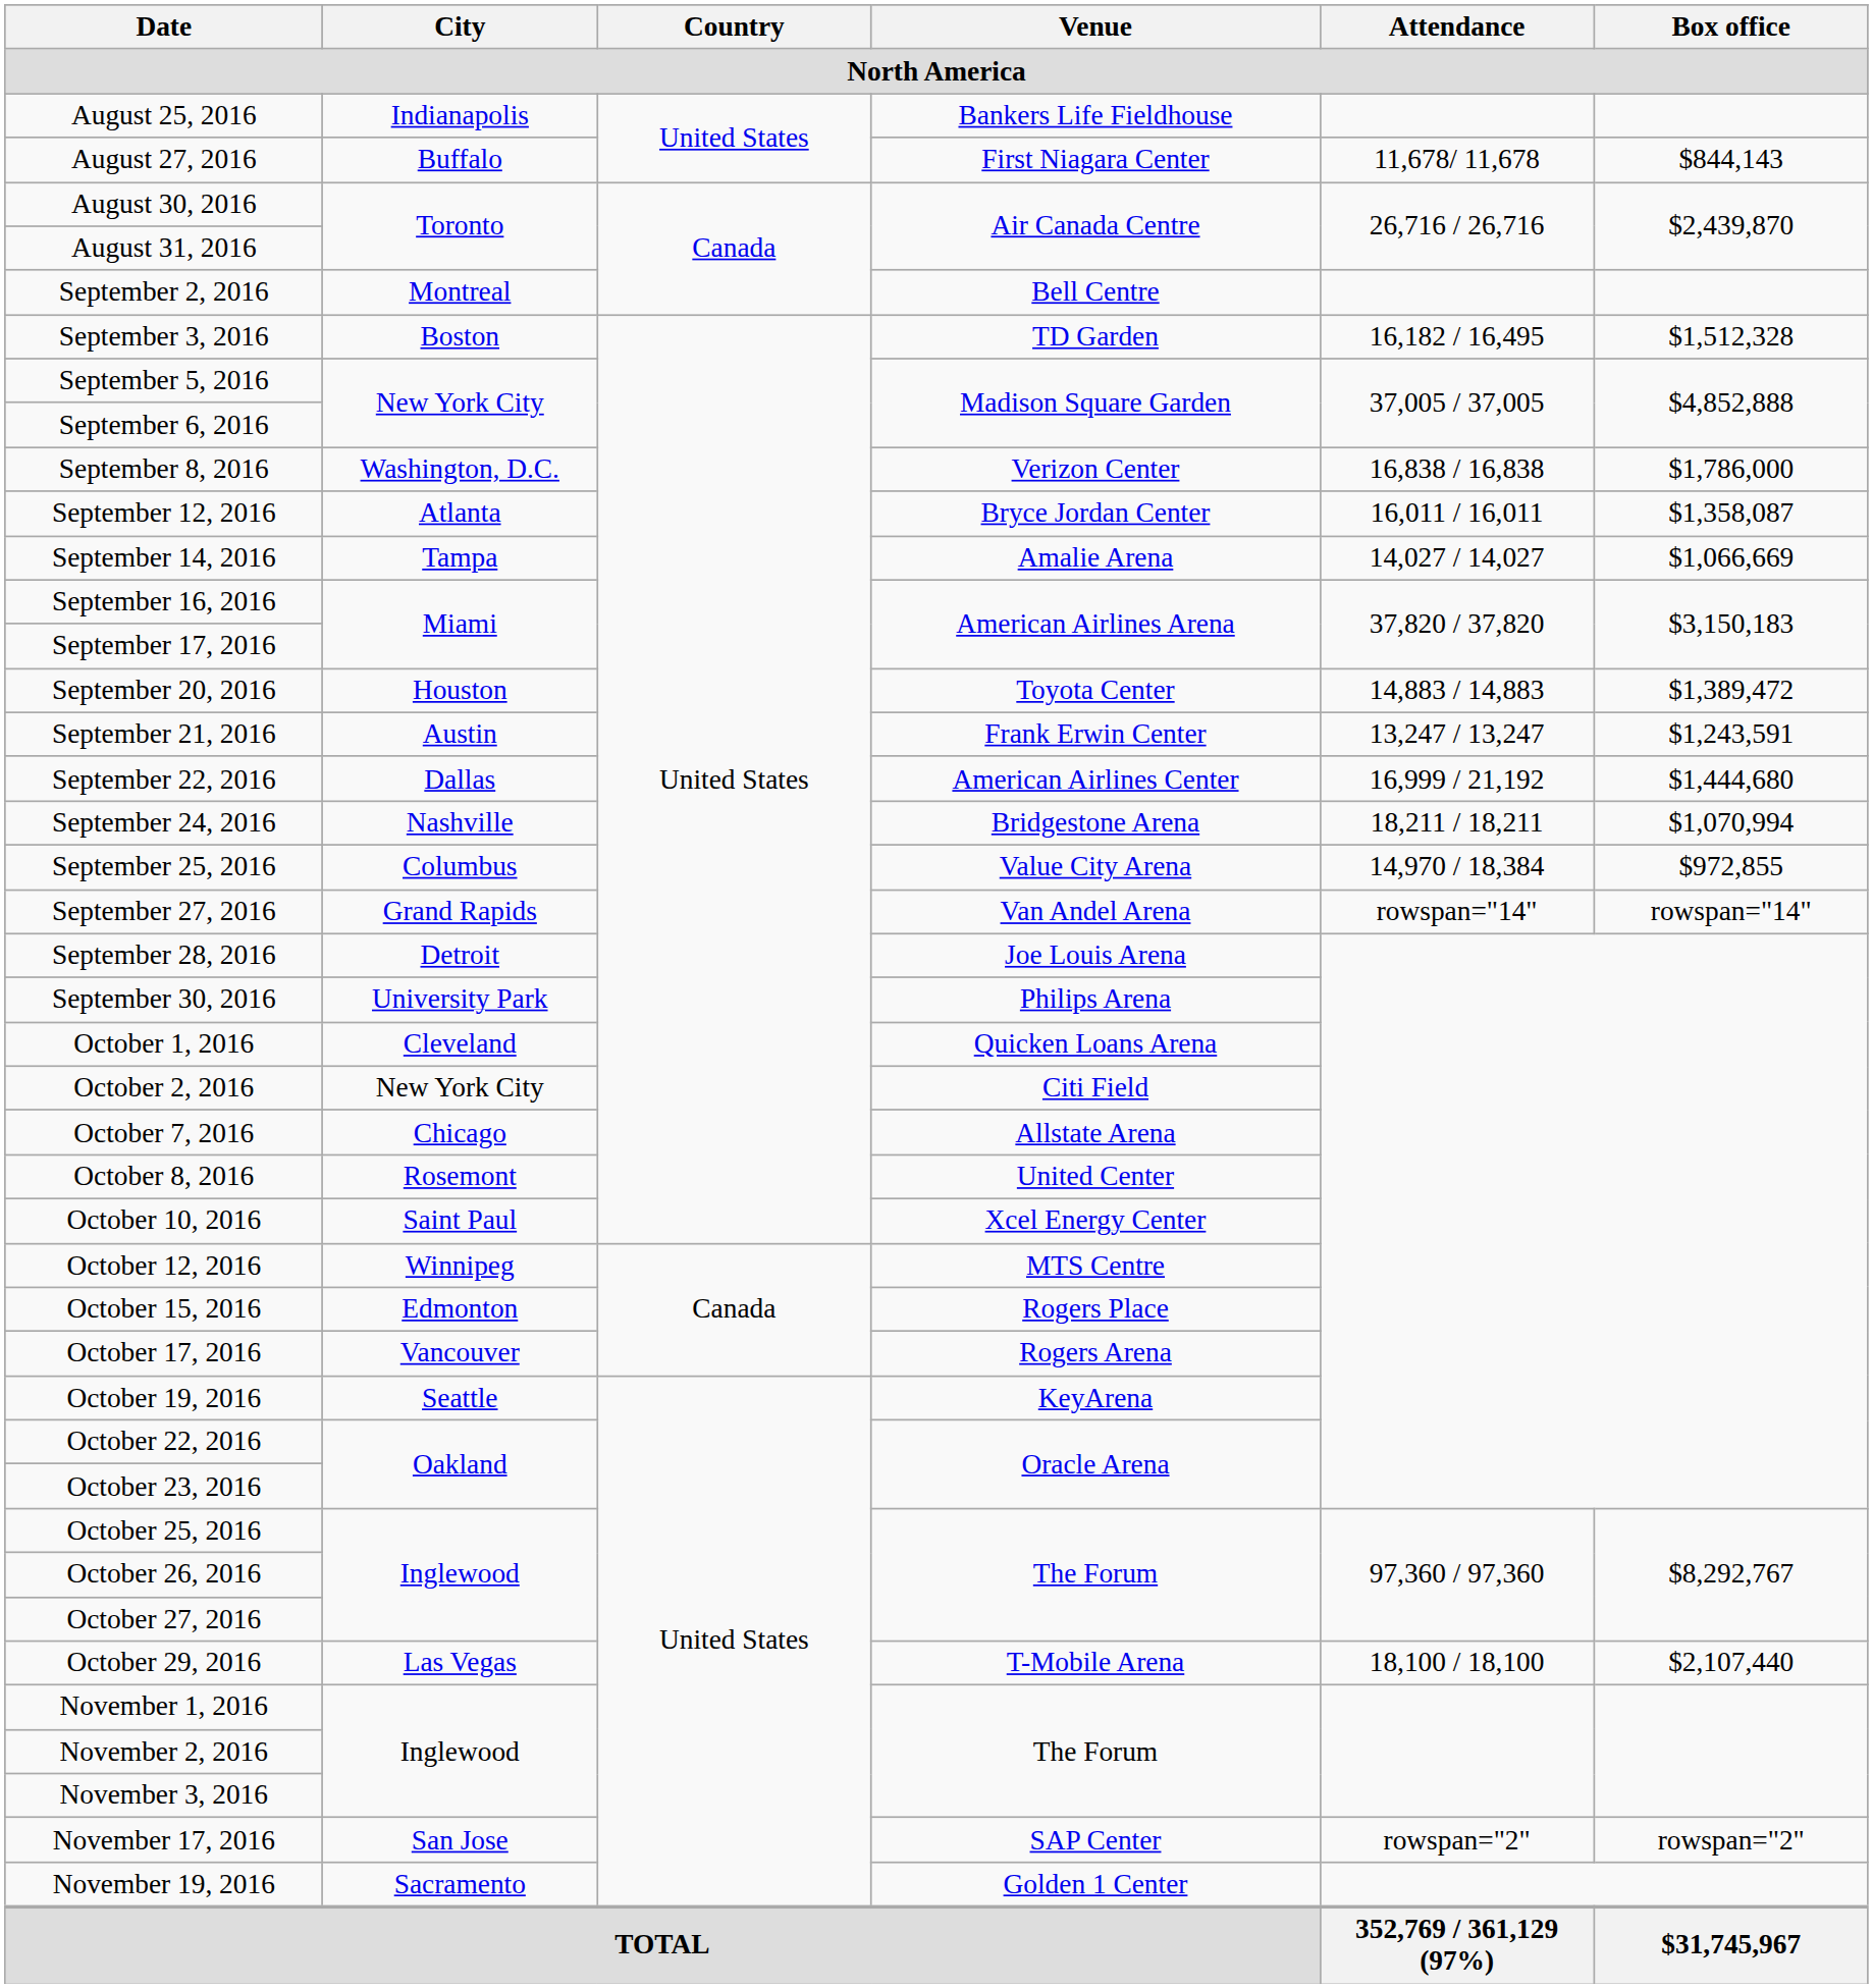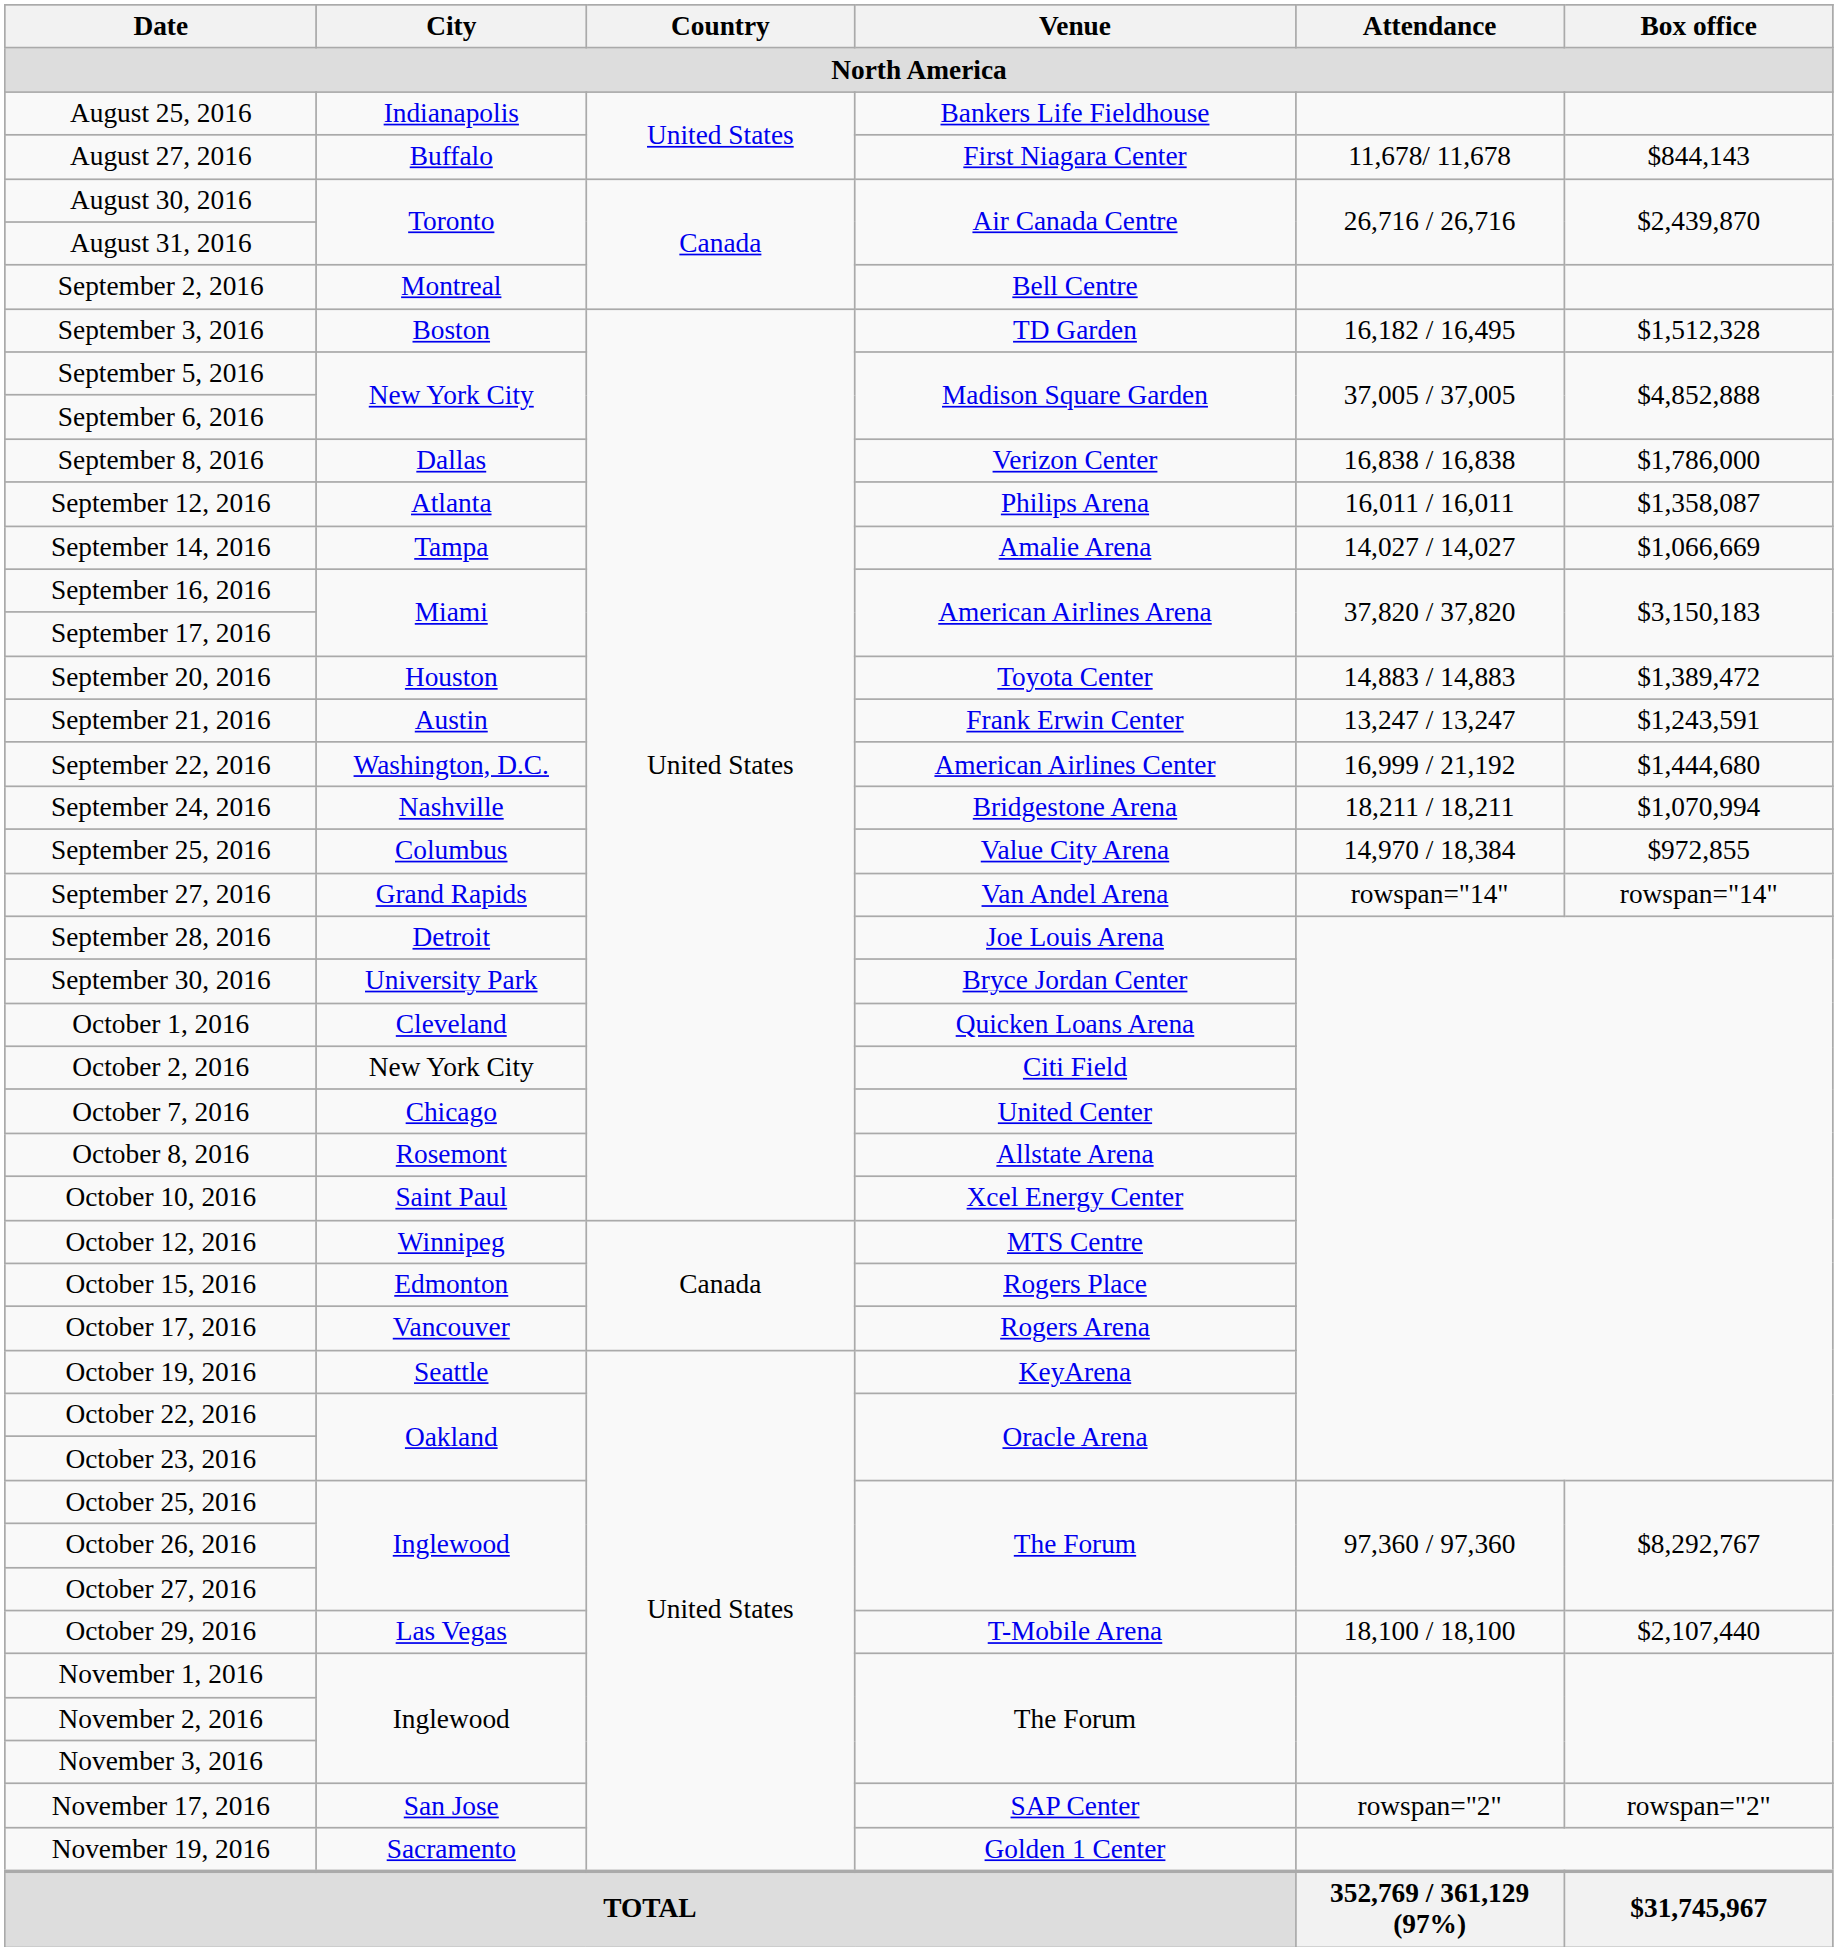 <table class="wikitable" style="text-align:center;">
 <tr>
 <th width="175">Date</th>
 <th width="150">City</th>
 <th width="150">Country</th>
 <th width="250">Venue</th>
 <th width="150">Attendance</th>
 <th width="150">Box office</th>
 </tr>
 <tr>
 <td colspan="6" style="background:#ddd;"><strong>North America</strong></td>
 </tr>
 <tr>
 <td>August 25, 2016</td>
 <td><a href='#'>Indianapolis</a></td>
 <td rowspan="2"><a href='#'>United States</a></td>
 <td><a href='#'>Bankers Life Fieldhouse</a></td>
 <td></td>
 <td></td>
 </tr>
 <tr>
 <td>August 27, 2016</td>
 <td><a href='#'>Buffalo</a></td>
 <td><a href='#'>First Niagara Center</a></td>
 <td>11,678/ 11,678</td>
 <td>$844,143</td>
 </tr>
 <tr>
 <td>August 30, 2016</td>
 <td rowspan="2"><a href='#'>Toronto</a></td>
 <td rowspan="3"><a href='#'>Canada</a></td>
 <td rowspan="2"><a href='#'>Air Canada Centre</a></td>
 <td rowspan="2">26,716 / 26,716</td>
 <td rowspan="2">$2,439,870</td>
 </tr>
 <tr>
 <td>August 31, 2016</td>
 </tr>
 <tr>
 <td>September 2, 2016</td>
 <td><a href='#'>Montreal</a></td>
 <td><a href='#'>Bell Centre</a></td>
 <td></td>
 <td></td>
 </tr>
 <tr>
 <td>September 3, 2016</td>
 <td><a href='#'>Boston</a></td>
 <td rowspan="21">United States</td>
 <td><a href='#'>TD Garden</a></td>
 <td>16,182 / 16,495</td>
 <td>$1,512,328</td>
 </tr>
 <tr>
 <td>September 5, 2016</td>
 <td rowspan="2"><a href='#'>New York City</a></td>
 <td rowspan="2"><a href='#'>Madison Square Garden</a></td>
 <td rowspan="2">37,005 / 37,005</td>
 <td rowspan="2">$4,852,888</td>
 </tr>
 <tr>
 <td>September 6, 2016</td>
 </tr>
 <tr>
 <td>September 8, 2016</td>
-<td><a href='#'>Washington, D.C.</a></td>
+<td><a href='#'>Dallas</a></td>
 <td><a href='#'>Verizon Center</a></td>
 <td>16,838 / 16,838</td>
 <td>$1,786,000</td>
 </tr>
 <tr>
 <td>September 12, 2016</td>
 <td><a href='#'>Atlanta</a></td>
-<td><a href='#'>Bryce Jordan Center</a></td>
+<td><a href='#'>Philips Arena</a></td>
 <td>16,011 / 16,011</td>
 <td>$1,358,087</td>
 </tr>
 <tr>
 <td>September 14, 2016</td>
 <td><a href='#'>Tampa</a></td>
 <td><a href='#'>Amalie Arena</a></td>
 <td>14,027 / 14,027</td>
 <td>$1,066,669</td>
 </tr>
 <tr>
 <td>September 16, 2016</td>
 <td rowspan="2"><a href='#'>Miami</a></td>
 <td rowspan="2"><a href='#'>American Airlines Arena</a></td>
 <td rowspan="2">37,820 / 37,820</td>
 <td rowspan="2">$3,150,183</td>
 </tr>
 <tr>
 <td>September 17, 2016</td>
 </tr>
 <tr>
 <td>September 20, 2016</td>
 <td><a href='#'>Houston</a></td>
 <td><a href='#'>Toyota Center</a></td>
 <td>14,883 / 14,883</td>
 <td>$1,389,472</td>
 </tr>
 <tr>
 <td>September 21, 2016</td>
 <td><a href='#'>Austin</a></td>
 <td><a href='#'>Frank Erwin Center</a></td>
 <td>13,247 / 13,247</td>
 <td>$1,243,591</td>
 </tr>
 <tr>
 <td>September 22, 2016</td>
-<td><a href='#'>Dallas</a></td>
+<td><a href='#'>Washington, D.C.</a></td>
 <td><a href='#'>American Airlines Center</a></td>
 <td>16,999 / 21,192</td>
 <td>$1,444,680</td>
 </tr>
 <tr>
 <td>September 24, 2016</td>
 <td><a href='#'>Nashville</a></td>
 <td><a href='#'>Bridgestone Arena</a></td>
 <td>18,211 / 18,211</td>
 <td>$1,070,994</td>
 </tr>
 <tr>
 <td>September 25, 2016</td>
 <td><a href='#'>Columbus</a></td>
 <td><a href='#'>Value City Arena</a></td>
 <td>14,970 / 18,384</td>
 <td>$972,855</td>
 </tr>
 <tr>
 <td>September 27, 2016</td>
 <td><a href='#'>Grand Rapids</a></td>
 <td><a href='#'>Van Andel Arena</a></td>
 <td>rowspan="14" </td>
 <td>rowspan="14" </td>
 </tr>
 <tr>
 <td>September 28, 2016</td>
 <td><a href='#'>Detroit</a></td>
 <td><a href='#'>Joe Louis Arena</a></td>
 </tr>
 <tr>
 <td>September 30, 2016</td>
 <td><a href='#'>University Park</a></td>
-<td><a href='#'>Philips Arena</a></td>
+<td><a href='#'>Bryce Jordan Center</a></td>
 </tr>
 <tr>
 <td>October 1, 2016</td>
 <td><a href='#'>Cleveland</a></td>
 <td><a href='#'>Quicken Loans Arena</a></td>
 </tr>
 <tr>
 <td>October 2, 2016</td>
 <td>New York City</td>
 <td><a href='#'>Citi Field</a></td>
 </tr>
 <tr>
 <td>October 7, 2016</td>
 <td><a href='#'>Chicago</a></td>
-<td><a href='#'>Allstate Arena</a></td>
+<td><a href='#'>United Center</a></td>
 </tr>
 <tr>
 <td>October 8, 2016</td>
 <td><a href='#'>Rosemont</a></td>
-<td><a href='#'>United Center</a></td>
+<td><a href='#'>Allstate Arena</a></td>
 </tr>
 <tr>
 <td>October 10, 2016</td>
 <td><a href='#'>Saint Paul</a></td>
 <td><a href='#'>Xcel Energy Center</a></td>
 </tr>
 <tr>
 <td>October 12, 2016</td>
 <td><a href='#'>Winnipeg</a></td>
 <td rowspan="3">Canada</td>
 <td><a href='#'>MTS Centre</a></td>
 </tr>
 <tr>
 <td>October 15, 2016</td>
 <td><a href='#'>Edmonton</a></td>
 <td><a href='#'>Rogers Place</a></td>
 </tr>
 <tr>
 <td>October 17, 2016</td>
 <td><a href='#'>Vancouver</a></td>
 <td><a href='#'>Rogers Arena</a></td>
 </tr>
 <tr>
 <td>October 19, 2016</td>
 <td><a href='#'>Seattle</a></td>
 <td rowspan="12">United States</td>
 <td><a href='#'>KeyArena</a></td>
 </tr>
 <tr>
 <td>October 22, 2016</td>
 <td rowspan="2"><a href='#'>Oakland</a></td>
 <td rowspan="2"><a href='#'>Oracle Arena</a></td>
 </tr>
 <tr>
 <td>October 23, 2016</td>
 </tr>
 <tr>
 <td>October 25, 2016</td>
 <td rowspan="3"><a href='#'>Inglewood</a></td>
 <td rowspan="3"><a href='#'>The Forum</a></td>
 <td rowspan="3">97,360 / 97,360</td>
 <td rowspan="3">$8,292,767</td>
 </tr>
 <tr>
 <td>October 26, 2016</td>
 </tr>
 <tr>
 <td>October 27, 2016</td>
 </tr>
 <tr>
 <td>October 29, 2016</td>
 <td><a href='#'>Las Vegas</a></td>
 <td><a href='#'>T-Mobile Arena</a></td>
 <td>18,100 / 18,100</td>
 <td>$2,107,440</td>
 </tr>
 <tr>
 <td>November 1, 2016</td>
 <td rowspan="3">Inglewood</td>
 <td rowspan="3">The Forum</td>
 <td rowspan="3"></td>
 <td rowspan="3"></td>
 </tr>
 <tr>
 <td>November 2, 2016</td>
 </tr>
 <tr>
 <td>November 3, 2016</td>
 </tr>
 <tr>
 <td>November 17, 2016</td>
 <td><a href='#'>San Jose</a></td>
 <td><a href='#'>SAP Center</a></td>
 <td>rowspan="2" </td>
 <td>rowspan="2" </td>
 </tr>
 <tr>
 <td>November 19, 2016</td>
 <td><a href='#'>Sacramento</a></td>
 <td><a href='#'>Golden 1 Center</a></td>
 </tr>
 <tr style="border-top:2px solid #aaaaaa">
 <th colspan="4" style="background:#ddd;">TOTAL</th>
 <th>352,769 / 361,129 (97%)</th>
 <th>$31,745,967</th>
 </tr>
 </table>
